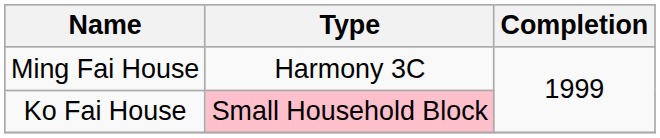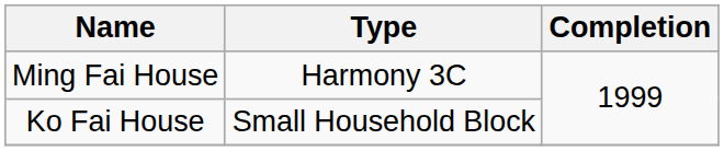 <table class="wikitable" style="text-align: center">
 <tr>
 <th>Name</th>
 <th>Type</th>
 <th>Completion</th>
 </tr>
 <tr>
 <td>Ming Fai House</td>
 <td>Harmony 3C</td>
 <td rowspan="2">1999</td>
 </tr>
 <tr>
 <td>Ko Fai House</td>
-<td style="background: pink;">Small Household Block</td>
+<td>Small Household Block</td>
 </tr>
 <tr>
 </tr>
 </table>
